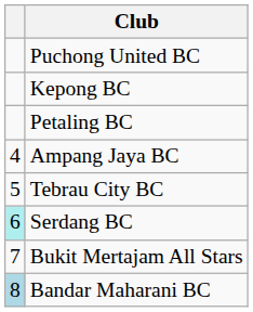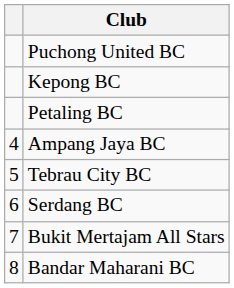 <table class=wikitable style="text-align:center;">
 <tr>
 <th></th>
 <th>Club</th>
 </tr>
 <tr>
 <td align=center></td>
 <td align="left"> Puchong United BC</td>
 </tr>
 <tr>
 <td align=center></td>
 <td align="left"> Kepong BC</td>
 </tr>
 <tr>
 <td align=center></td>
 <td align="left"> Petaling BC</td>
 </tr>
 <tr>
 <td align=center>4</td>
 <td align="left"> Ampang Jaya BC</td>
 </tr>
 <tr>
 <td align=center>5</td>
 <td align="left"> Tebrau City BC</td>
 </tr>
 <tr>
-<td align=center style="background: paleturquoise;">6</td>
+<td align=center>6</td>
 <td align="left"> Serdang BC</td>
 </tr>
 <tr>
 <td align=center>7</td>
 <td align="left"> Bukit Mertajam All Stars</td>
 </tr>
 <tr>
-<td align=center style="background: lightblue;">8</td>
+<td align=center>8</td>
 <td align="left"> Bandar Maharani BC</td>
 </tr>
 </table>
